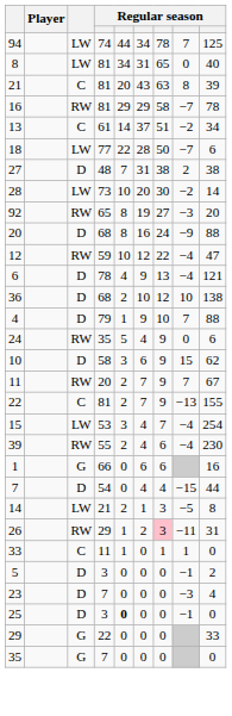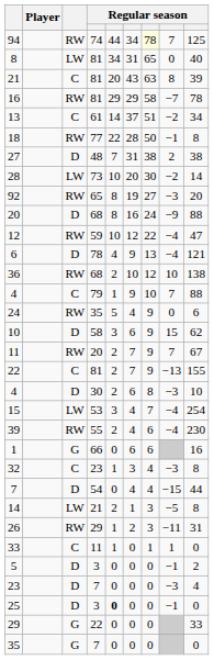 <table class="wikitable sortable plainrowheaders" style="text-align:center;">
 <tr>
 <th scope="col" data-sort-type="number" rowspan="2"></th>
 <th scope="col" rowspan="2">Player</th>
 <th scope="col" rowspan="2"></th>
 <th scope=colgroup colspan=6>Regular season</th>
 </tr>
 <tr>
 <th scope="col" data-sort-type="number"></th>
 <th scope="col" data-sort-type="number"></th>
 <th scope="col" data-sort-type="number"></th>
 <th scope="col" data-sort-type="number"></th>
 <th scope="col" data-sort-type="number"></th>
 <th scope="col" data-sort-type="number"></th>
 </tr>
 <tr>
 <td scope="row">94</td>
 <td align="left"></td>
-<td>LW</td>
+<td>RW</td>
 <td>74</td>
 <td>44</td>
 <td>34</td>
-<td>78</td>
+<td style="background: lightyellow;">78</td>
 <td>7</td>
 <td>125</td>
 </tr>
 <tr>
 <td scope="row">8</td>
 <td align="left"></td>
 <td>LW</td>
 <td>81</td>
 <td>34</td>
 <td>31</td>
 <td>65</td>
 <td>0</td>
 <td>40</td>
 </tr>
 <tr>
 <td scope="row">21</td>
 <td align="left"></td>
 <td>C</td>
 <td>81</td>
 <td>20</td>
 <td>43</td>
 <td>63</td>
 <td>8</td>
 <td>39</td>
 </tr>
 <tr>
 <td scope="row">16</td>
 <td align="left"></td>
 <td>RW</td>
 <td>81</td>
 <td>29</td>
 <td>29</td>
 <td>58</td>
 <td>−7</td>
 <td>78</td>
 </tr>
 <tr>
 <td scope="row">13</td>
 <td align="left"></td>
 <td>C</td>
 <td>61</td>
 <td>14</td>
 <td>37</td>
 <td>51</td>
 <td>−2</td>
 <td>34</td>
 </tr>
 <tr>
 <td scope="row">18</td>
 <td align="left"></td>
-<td>LW</td>
+<td>RW</td>
 <td>77</td>
 <td>22</td>
 <td>28</td>
 <td>50</td>
-<td>−7</td>
-<td>6</td>
+<td>−1</td>
+<td>8</td>
 </tr>
 <tr>
 <td scope="row">27</td>
 <td align="left"></td>
 <td>D</td>
 <td>48</td>
 <td>7</td>
 <td>31</td>
 <td>38</td>
 <td>2</td>
 <td>38</td>
 </tr>
 <tr>
 <td scope="row">28</td>
 <td align="left"></td>
 <td>LW</td>
 <td>73</td>
 <td>10</td>
 <td>20</td>
 <td>30</td>
 <td>−2</td>
 <td>14</td>
 </tr>
 <tr>
 <td scope="row">92</td>
 <td align="left"></td>
 <td>RW</td>
 <td>65</td>
 <td>8</td>
 <td>19</td>
 <td>27</td>
 <td>−3</td>
 <td>20</td>
 </tr>
 <tr>
 <td scope="row">20</td>
 <td align="left"></td>
 <td>D</td>
 <td>68</td>
 <td>8</td>
 <td>16</td>
 <td>24</td>
 <td>−9</td>
 <td>88</td>
 </tr>
 <tr>
 <td scope="row">12</td>
 <td align="left"></td>
 <td>RW</td>
 <td>59</td>
 <td>10</td>
 <td>12</td>
 <td>22</td>
 <td>−4</td>
 <td>47</td>
 </tr>
 <tr>
 <td scope="row">6</td>
 <td align="left"></td>
 <td>D</td>
 <td>78</td>
 <td>4</td>
 <td>9</td>
 <td>13</td>
 <td>−4</td>
 <td>121</td>
 </tr>
 <tr>
 <td scope="row">36</td>
 <td align="left"></td>
-<td>D</td>
+<td>RW</td>
 <td>68</td>
 <td>2</td>
 <td>10</td>
 <td>12</td>
 <td>10</td>
 <td>138</td>
 </tr>
 <tr>
 <td scope="row">4</td>
 <td align="left"></td>
-<td>D</td>
+<td>C</td>
 <td>79</td>
 <td>1</td>
 <td>9</td>
 <td>10</td>
 <td>7</td>
 <td>88</td>
 </tr>
 <tr>
 <td scope="row">24</td>
 <td align="left"></td>
 <td>RW</td>
 <td>35</td>
 <td>5</td>
 <td>4</td>
 <td>9</td>
 <td>0</td>
 <td>6</td>
 </tr>
 <tr>
 <td scope="row">10</td>
 <td align="left"></td>
 <td>D</td>
 <td>58</td>
 <td>3</td>
 <td>6</td>
 <td>9</td>
 <td>15</td>
 <td>62</td>
 </tr>
 <tr>
 <td scope="row">11</td>
 <td align="left"></td>
 <td>RW</td>
 <td>20</td>
 <td>2</td>
 <td>7</td>
 <td>9</td>
 <td>7</td>
 <td>67</td>
 </tr>
 <tr>
 <td scope="row">22</td>
 <td align="left"></td>
 <td>C</td>
 <td>81</td>
 <td>2</td>
 <td>7</td>
 <td>9</td>
 <td>−13</td>
 <td>155</td>
 </tr>
 <tr>
+<td scope="row">4</td>
+<td align="left"></td>
+<td>D</td>
+<td>30</td>
+<td>2</td>
+<td>6</td>
+<td>8</td>
+<td>−3</td>
+<td>10</td>
+</tr>
+<tr>
 <td scope="row">15</td>
 <td align="left"></td>
 <td>LW</td>
 <td>53</td>
 <td>3</td>
 <td>4</td>
 <td>7</td>
 <td>−4</td>
 <td>254</td>
 </tr>
 <tr>
 <td scope="row">39</td>
 <td align="left"></td>
 <td>RW</td>
 <td>55</td>
 <td>2</td>
 <td>4</td>
 <td>6</td>
 <td>−4</td>
 <td>230</td>
 </tr>
 <tr>
 <td scope="row">1</td>
 <td align="left"></td>
 <td>G</td>
 <td>66</td>
 <td>0</td>
 <td>6</td>
 <td>6</td>
 <td style="background:#ccc"></td>
 <td>16</td>
 </tr>
 <tr>
+<td scope="row">32</td>
+<td align="left"></td>
+<td>C</td>
+<td>23</td>
+<td>1</td>
+<td>3</td>
+<td>4</td>
+<td>−3</td>
+<td>8</td>
+</tr>
+<tr>
 <td scope="row">7</td>
 <td align="left"></td>
 <td>D</td>
 <td>54</td>
 <td>0</td>
 <td>4</td>
 <td>4</td>
 <td>−15</td>
 <td>44</td>
 </tr>
 <tr>
 <td scope="row">14</td>
 <td align="left"></td>
 <td>LW</td>
 <td>21</td>
 <td>2</td>
 <td>1</td>
 <td>3</td>
 <td>−5</td>
 <td>8</td>
 </tr>
 <tr>
 <td scope="row">26</td>
 <td align="left"></td>
 <td>RW</td>
 <td>29</td>
 <td>1</td>
 <td>2</td>
-<td style="background: pink;">3</td>
+<td>3</td>
 <td>−11</td>
 <td>31</td>
 </tr>
 <tr>
 <td scope="row">33</td>
 <td align="left"></td>
 <td>C</td>
 <td>11</td>
 <td>1</td>
 <td>0</td>
 <td>1</td>
 <td>1</td>
 <td>0</td>
 </tr>
 <tr>
 <td scope="row">5</td>
 <td align="left"></td>
 <td>D</td>
 <td>3</td>
 <td>0</td>
 <td>0</td>
 <td>0</td>
 <td>−1</td>
 <td>2</td>
 </tr>
 <tr>
 <td scope="row">23</td>
 <td align="left"></td>
 <td>D</td>
 <td>7</td>
 <td>0</td>
 <td>0</td>
 <td>0</td>
 <td>−3</td>
 <td>4</td>
 </tr>
 <tr>
 <td scope="row">25</td>
 <td align="left"></td>
 <td>D</td>
 <td>3</td>
 <td><strong>0</strong></td>
 <td>0</td>
 <td>0</td>
 <td>−1</td>
 <td>0</td>
 </tr>
 <tr>
 <td scope="row">29</td>
 <td align="left"></td>
 <td>G</td>
 <td>22</td>
 <td>0</td>
 <td>0</td>
 <td>0</td>
 <td style="background:#ccc"></td>
 <td>33</td>
 </tr>
 <tr>
 <td scope="row">35</td>
 <td align="left"></td>
 <td>G</td>
 <td>7</td>
 <td>0</td>
 <td>0</td>
 <td>0</td>
 <td style="background:#ccc"></td>
 <td>0</td>
 </tr>
 </table>
